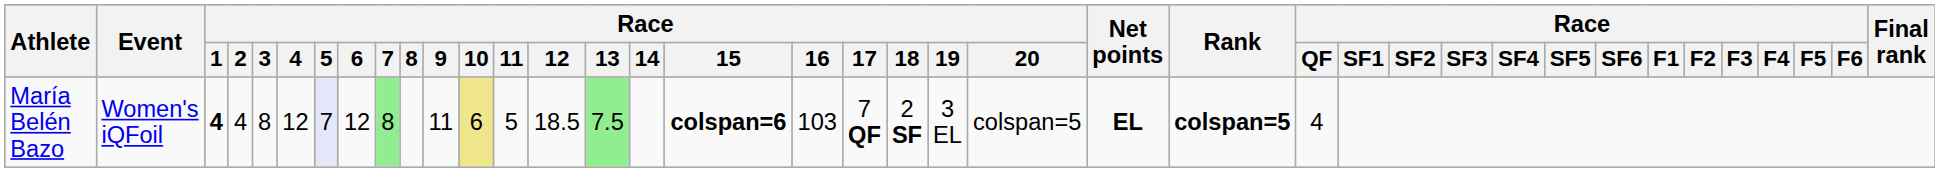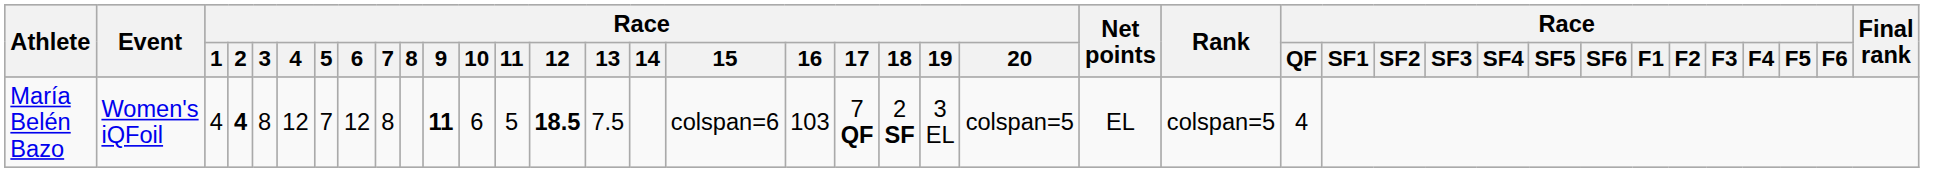 <table class="wikitable" style="font-size:90%">
 <tr>
 <th rowspan="2">Athlete</th>
 <th rowspan="2">Event</th>
 <th colspan=20>Race</th>
 <th rowspan=2>Net points</th>
 <th rowspan=2>Rank</th>
 <th colspan=13>Race</th>
 <th rowspan=2>Final rank</th>
 </tr>
 <tr style="font-size:95%">
 <th>1</th>
 <th>2</th>
 <th>3</th>
 <th>4</th>
 <th>5</th>
 <th>6</th>
 <th>7</th>
 <th>8</th>
 <th>9</th>
 <th>10</th>
 <th>11</th>
 <th>12</th>
 <th>13</th>
 <th>14</th>
 <th>15</th>
 <th>16</th>
 <th>17</th>
 <th>18</th>
 <th>19</th>
 <th>20</th>
 <th>QF</th>
 <th>SF1</th>
 <th>SF2</th>
 <th>SF3</th>
 <th>SF4</th>
 <th>SF5</th>
 <th>SF6</th>
 <th>F1</th>
 <th>F2</th>
 <th>F3</th>
 <th>F4</th>
 <th>F5</th>
 <th>F6</th>
 </tr>
 <tr align=center>
 <td align=left><a href='#'>María Belén Bazo</a></td>
 <td align=left><a href='#'>Women's iQFoil</a></td>
+<td>4</td>
 <td><strong>4</strong></td>
-<td>4</td>
 <td>8</td>
 <td>12</td>
-<td style="background: lavender;">7</td>
+<td>7</td>
 <td>12</td>
-<td style="background: lightgreen;">8</td>
+<td>8</td>
 <td></td>
-<td>11</td>
-<td style="background: khaki;">6</td>
+<td><strong>11</strong></td>
+<td>6</td>
 <td>5</td>
-<td>18.5</td>
-<td style="background: lightgreen;">7.5</td>
+<td><strong>18.5</strong></td>
+<td>7.5</td>
 <td></td>
-<td><strong>colspan=6 </strong></td>
+<td>colspan=6 </td>
 <td>103</td>
 <td>7 <strong>QF</strong></td>
 <td>2 <strong>SF</strong></td>
 <td>3 EL</td>
 <td>colspan=5 </td>
-<td><strong>EL</strong></td>
-<td><strong>colspan=5 </strong></td>
+<td>EL</td>
+<td>colspan=5 </td>
 <td>4</td>
 </tr>
 </table>
